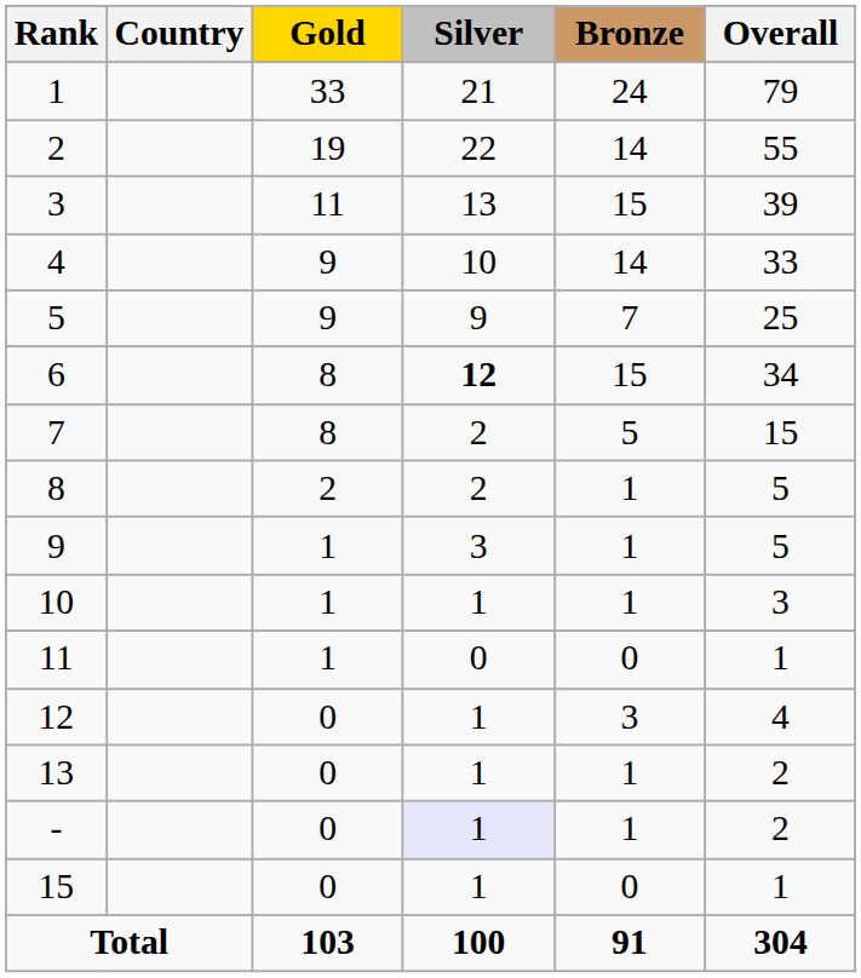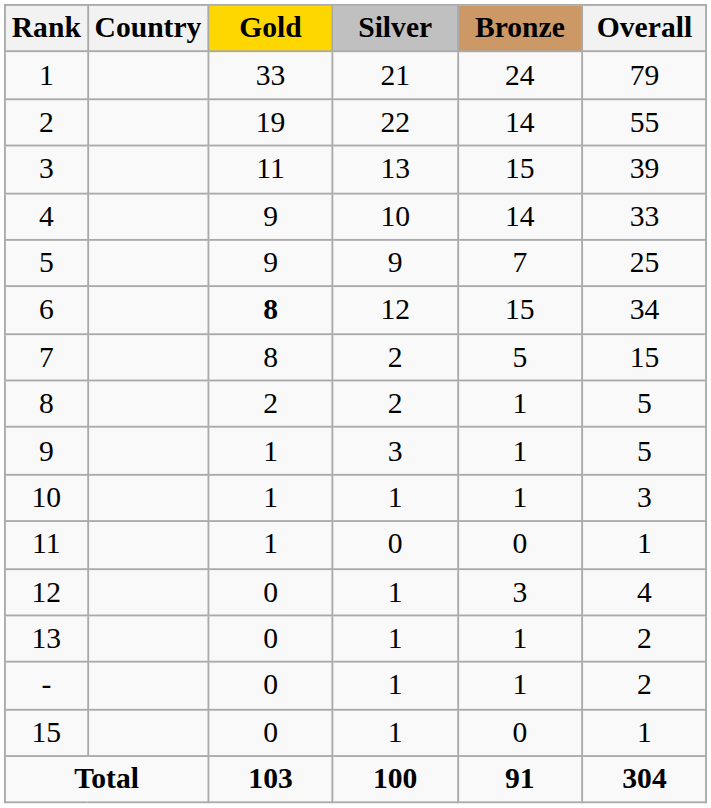 <table class="wikitable" style="text-align:center;">
 <tr>
 <th>Rank</th>
 <th>Country</th>
 <td width=60 style="background:gold;"><strong>Gold</strong></td>
 <td width=60 style="background:silver;"><strong>Silver</strong></td>
 <td width=60 style="background:#cc9966;"><strong>Bronze</strong></td>
 <th width=60>Overall</th>
 </tr>
 <tr>
 <td>1</td>
 <td align="left"></td>
 <td>33</td>
 <td>21</td>
 <td>24</td>
 <td>79</td>
 </tr>
 <tr>
 <td>2</td>
 <td align="left"></td>
 <td>19</td>
 <td>22</td>
 <td>14</td>
 <td>55</td>
 </tr>
 <tr>
 <td>3</td>
 <td align="left"></td>
 <td>11</td>
 <td>13</td>
 <td>15</td>
 <td>39</td>
 </tr>
 <tr>
 <td>4</td>
 <td align="left"></td>
 <td>9</td>
 <td>10</td>
 <td>14</td>
 <td>33</td>
 </tr>
 <tr>
 <td>5</td>
 <td align="left"></td>
 <td>9</td>
 <td>9</td>
 <td>7</td>
 <td>25</td>
 </tr>
 <tr>
 <td>6</td>
 <td align="left"></td>
-<td>8</td>
-<td><strong>12</strong></td>
+<td><strong>8</strong></td>
+<td>12</td>
 <td>15</td>
 <td>34</td>
 </tr>
 <tr>
 <td>7</td>
 <td align="left"></td>
 <td>8</td>
 <td>2</td>
 <td>5</td>
 <td>15</td>
 </tr>
 <tr>
 <td>8</td>
 <td align="left"></td>
 <td>2</td>
 <td>2</td>
 <td>1</td>
 <td>5</td>
 </tr>
 <tr>
 <td>9</td>
 <td align="left"></td>
 <td>1</td>
 <td>3</td>
 <td>1</td>
 <td>5</td>
 </tr>
 <tr>
 <td>10</td>
 <td align="left"></td>
 <td>1</td>
 <td>1</td>
 <td>1</td>
 <td>3</td>
 </tr>
 <tr>
 <td>11</td>
 <td align="left"></td>
 <td>1</td>
 <td>0</td>
 <td>0</td>
 <td>1</td>
 </tr>
 <tr>
 <td>12</td>
 <td align="left"></td>
 <td>0</td>
 <td>1</td>
 <td>3</td>
 <td>4</td>
 </tr>
 <tr>
 <td>13</td>
 <td align="left"></td>
 <td>0</td>
 <td>1</td>
 <td>1</td>
 <td>2</td>
 </tr>
 <tr>
 <td>-</td>
 <td align="left"></td>
 <td>0</td>
-<td style="background: lavender;">1</td>
+<td>1</td>
 <td>1</td>
 <td>2</td>
 </tr>
 <tr>
 <td>15</td>
 <td align="left"></td>
 <td>0</td>
 <td>1</td>
 <td>0</td>
 <td>1</td>
 </tr>
 <tr>
 <td colspan=2><strong>Total</strong></td>
 <td><strong>103</strong></td>
 <td><strong>100</strong></td>
 <td><strong>91</strong></td>
 <td><strong>304</strong></td>
 </tr>
 </table>
